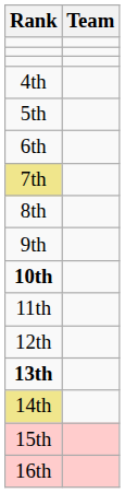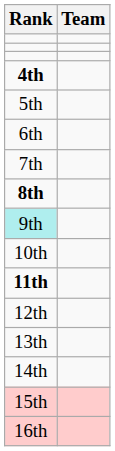 <table class=wikitable style="text-align:center;">
 <tr>
 <th>Rank</th>
 <th>Team</th>
 </tr>
 <tr>
 <td></td>
 <td align=left></td>
 </tr>
 <tr>
 <td></td>
 <td align=left></td>
 </tr>
 <tr>
 <td></td>
 <td align=left></td>
 </tr>
 <tr>
-<td>4th</td>
+<td><strong>4th</strong></td>
 <td align=left></td>
 </tr>
 <tr>
 <td>5th</td>
 <td align=left></td>
 </tr>
 <tr>
 <td>6th</td>
 <td align=left></td>
 </tr>
 <tr>
-<td style="background: khaki;">7th</td>
+<td>7th</td>
 <td align=left></td>
 </tr>
 <tr>
-<td>8th</td>
+<td><strong>8th</strong></td>
 <td align=left></td>
 </tr>
 <tr>
-<td>9th</td>
+<td style="background: paleturquoise;">9th</td>
 <td align=left></td>
 </tr>
 <tr>
-<td><strong>10th</strong></td>
+<td>10th</td>
 <td align=left></td>
 </tr>
 <tr>
-<td>11th</td>
+<td><strong>11th</strong></td>
 <td align=left></td>
 </tr>
 <tr>
 <td>12th</td>
 <td align=left></td>
 </tr>
 <tr>
-<td><strong>13th</strong></td>
+<td>13th</td>
 <td align=left></td>
 </tr>
 <tr>
-<td style="background: khaki;">14th</td>
+<td>14th</td>
 <td align=left></td>
 </tr>
 <tr bgcolor=#ffcccc>
 <td>15th</td>
 <td align=left></td>
 </tr>
 <tr bgcolor=#ffcccc>
 <td>16th</td>
 <td align=left></td>
 </tr>
 </table>
